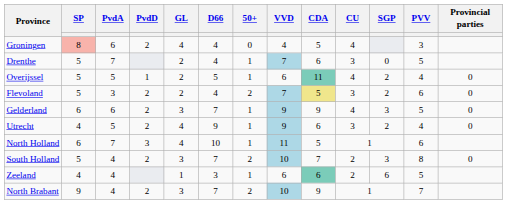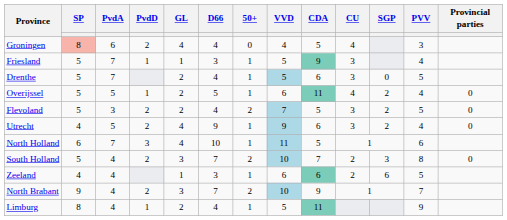 <table class="wikitable sortable" style="text-align:center; font-size:95%; line-height:20px;">
 <tr>
 <th rowspan="2">Province</th>
 <th width="50"><a href='#'>SP</a></th>
 <th width="50"><a href='#'>PvdA</a></th>
 <th width="50"><a href='#'>PvdD</a></th>
 <th width="50"><a href='#'>GL</a></th>
 <th width="50"><a href='#'>D66</a></th>
 <th width="50"><a href='#'>50+</a></th>
 <th width="50"><a href='#'>VVD</a></th>
 <th width="50"><a href='#'>CDA</a></th>
 <th width="50"><a href='#'>CU</a></th>
 <th width="50"><a href='#'>SGP</a></th>
 <th width="50"><a href='#'>PVV</a></th>
 <th width="100">Provincial parties</th>
 </tr>
 <tr>
 <th style="color:inherit;background:"></th>
 <th style="color:inherit;background:"></th>
 <th style="color:inherit;background:"></th>
 <th style="color:inherit;background:"></th>
 <th style="color:inherit;background:"></th>
 <th style="color:inherit;background:"></th>
 <th style="color:inherit;background:"></th>
 <th style="color:inherit;background:"></th>
 <th style="color:inherit;background:"></th>
 <th style="color:inherit;background:"></th>
 <th style="color:inherit;background:"></th>
 <th style="color:inherit;background:"></th>
 </tr>
 <tr>
 <td align="left"><a href='#'>Groningen</a></td>
 <td style="background:#F8B3AB">8</td>
 <td>6</td>
 <td>2</td>
 <td>4</td>
 <td>4</td>
 <td>0</td>
 <td>4</td>
 <td>5</td>
 <td>4</td>
 <td style="color:inherit;background:#eaecf0;"></td>
 <td>3</td>
 <td></td>
 </tr>
 <tr>
+<td align="left"><a href='#'>Friesland</a></td>
+<td>5</td>
+<td>7</td>
+<td>1</td>
+<td>1</td>
+<td>3</td>
+<td>1</td>
+<td>5</td>
+<td style="background:#7bccb9">9</td>
+<td>3</td>
+<td style="color:inherit;background:#eaecf0;"></td>
+<td>4</td>
+<td></td>
+</tr>
+<tr>
 <td align="left"><a href='#'>Drenthe</a></td>
 <td>5</td>
 <td>7</td>
 <td style="color:inherit;background:#eaecf0;"></td>
 <td>2</td>
 <td>4</td>
 <td>1</td>
-<td style="background:lightblue">7</td>
+<td style="background:lightblue">5</td>
 <td>6</td>
 <td>3</td>
 <td>0</td>
 <td>5</td>
 <td></td>
 </tr>
 <tr>
 <td align="left"><a href='#'>Overijssel</a></td>
 <td>5</td>
 <td>5</td>
 <td>1</td>
 <td>2</td>
 <td>5</td>
 <td>1</td>
 <td>6</td>
 <td style="background:#7bccb9">11</td>
 <td>4</td>
 <td>2</td>
 <td>4</td>
 <td>0</td>
 </tr>
 <tr>
 <td align="left"><a href='#'>Flevoland</a></td>
 <td>5</td>
 <td>3</td>
 <td>2</td>
 <td>2</td>
 <td>4</td>
 <td>2</td>
 <td style="background:lightblue">7</td>
-<td style="background: khaki;">5</td>
+<td>5</td>
 <td>3</td>
 <td>2</td>
-<td>6</td>
-<td>0</td>
-</tr>
-<tr>
-<td align="left"><a href='#'>Gelderland</a></td>
-<td>6</td>
-<td>6</td>
-<td>2</td>
-<td>3</td>
-<td>7</td>
-<td>1</td>
-<td style="background:lightblue">9</td>
-<td>9</td>
-<td>4</td>
-<td>3</td>
 <td>5</td>
 <td>0</td>
 </tr>
 <tr>
 <td align="left"><a href='#'>Utrecht</a></td>
 <td>4</td>
 <td>5</td>
 <td>2</td>
 <td>4</td>
 <td>9</td>
 <td>1</td>
 <td style="background:lightblue">9</td>
 <td>6</td>
 <td>3</td>
 <td>2</td>
 <td>4</td>
 <td>0</td>
 </tr>
 <tr>
 <td align="left"><a href='#'>North Holland</a></td>
 <td>6</td>
 <td>7</td>
 <td>3</td>
 <td>4</td>
 <td>10</td>
 <td>1</td>
 <td style="background:lightblue">11</td>
 <td>5</td>
 <td colspan=2>1</td>
 <td>6</td>
 <td></td>
 </tr>
 <tr>
 <td align="left"><a href='#'>South Holland</a></td>
 <td>5</td>
 <td>4</td>
 <td>2</td>
 <td>3</td>
 <td>7</td>
 <td>2</td>
 <td style="background:lightblue">10</td>
 <td>7</td>
 <td>2</td>
 <td>3</td>
 <td>8</td>
 <td>0</td>
 </tr>
 <tr>
 <td align="left"><a href='#'>Zeeland</a></td>
 <td>4</td>
 <td>4</td>
 <td style="color:inherit;background:#eaecf0;"></td>
 <td>1</td>
 <td>3</td>
 <td>1</td>
 <td>6</td>
 <td style="background:#7bccb9">6</td>
 <td>2</td>
 <td>6</td>
 <td>5</td>
 <td></td>
 </tr>
 <tr>
 <td align="left"><a href='#'>North Brabant</a></td>
 <td>9</td>
 <td>4</td>
 <td>2</td>
 <td>3</td>
 <td>7</td>
 <td>2</td>
 <td style="background:lightblue">10</td>
 <td>9</td>
 <td colspan=2>1</td>
 <td>7</td>
 <td></td>
 </tr>
+<tr>
+<td align="left"><a href='#'>Limburg</a></td>
+<td>8</td>
+<td>4</td>
+<td>1</td>
+<td>2</td>
+<td>4</td>
+<td>1</td>
+<td>5</td>
+<td style="background:#7bccb9">11</td>
+<td style="color:inherit;background:#eaecf0;"></td>
+<td style="color:inherit;background:#eaecf0;"></td>
+<td>9</td>
+<td></td>
+</tr>
 </table>
